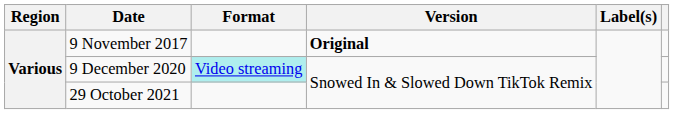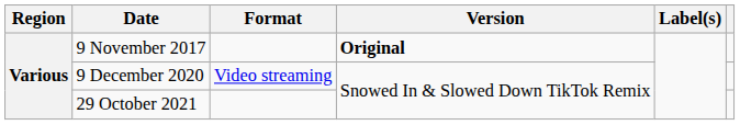 <table class="wikitable plainrowheaders">
 <tr>
 <th scope="col">Region</th>
 <th scope="col">Date</th>
 <th scope="col">Format</th>
 <th scope="col">Version</th>
 <th scope="col">Label(s)</th>
 <th scope="col"></th>
 </tr>
 <tr>
 <th rowspan="3" scope="row">Various</th>
 <td>9 November 2017</td>
 <td></td>
 <td><strong>Original</strong></td>
 <td rowspan="3"></td>
 <td></td>
 </tr>
 <tr>
 <td>9 December 2020</td>
-<td style="background: paleturquoise;"><a href='#'>Video streaming</a></td>
+<td><a href='#'>Video streaming</a></td>
 <td rowspan="2">Snowed In & Slowed Down TikTok Remix</td>
 <td></td>
 </tr>
 <tr>
 <td>29 October 2021</td>
 <td></td>
 <td></td>
 </tr>
 </table>
